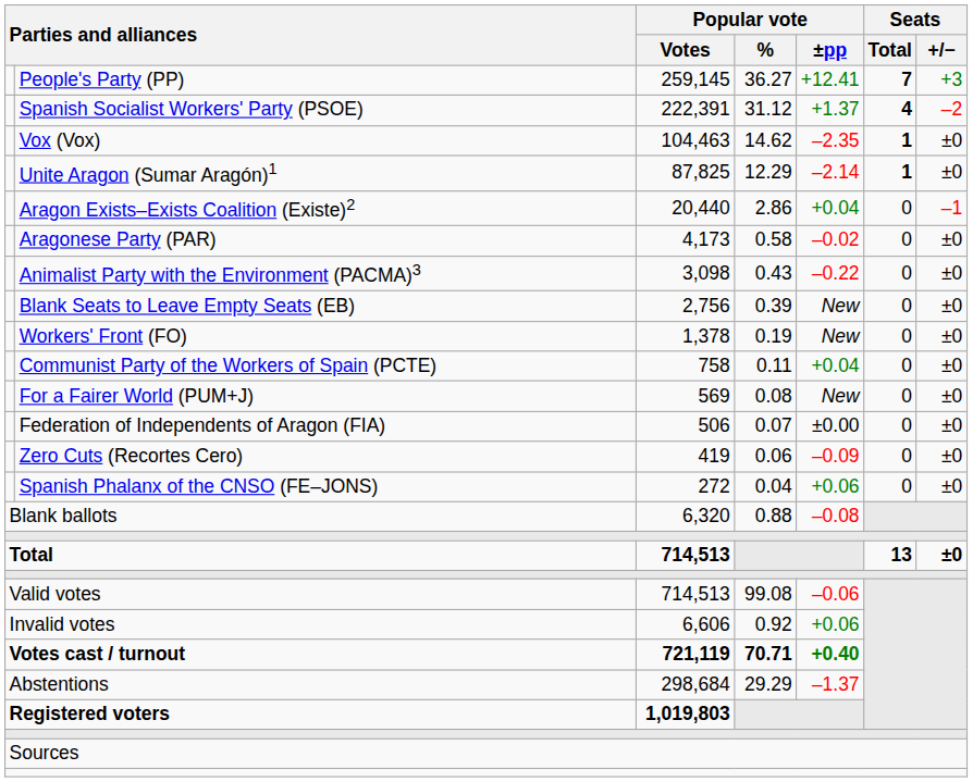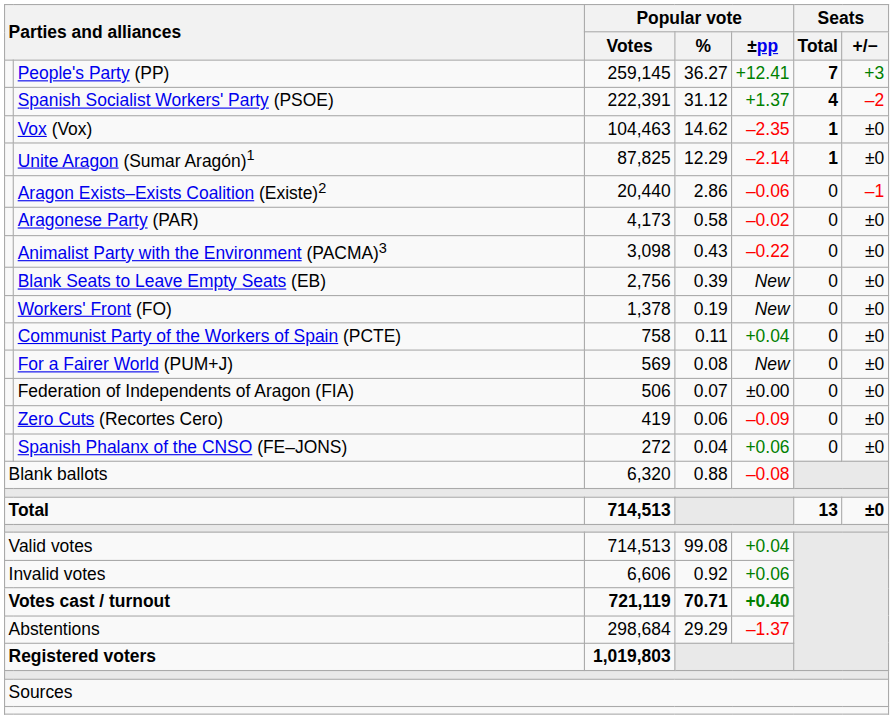 <table class="wikitable" style="text-align:right;">
 <tr>
 <th style="text-align:left;" rowspan="2" colspan="2" width="525">Parties and alliances</th>
 <th colspan="3">Popular vote</th>
 <th colspan="2">Seats</th>
 </tr>
 <tr>
 <th width="75">Votes</th>
 <th width="45">%</th>
 <th width="45">±<a href='#'>pp</a></th>
 <th width="35">Total</th>
 <th width="35">+/−</th>
 </tr>
 <tr>
 <td width="1" style="color:inherit;background:"></td>
 <td align="left"><a href='#'>People's Party</a> (PP)</td>
 <td>259,145</td>
 <td>36.27</td>
 <td style="color:green;">+12.41</td>
 <td><strong>7</strong></td>
 <td style="color:green;">+3</td>
 </tr>
 <tr>
 <td style="color:inherit;background:"></td>
 <td align="left"><a href='#'>Spanish Socialist Workers' Party</a> (PSOE)</td>
 <td>222,391</td>
 <td>31.12</td>
 <td style="color:green;">+1.37</td>
 <td><strong>4</strong></td>
 <td style="color:red;">–2</td>
 </tr>
 <tr>
 <td style="color:inherit;background:"></td>
 <td align="left"><a href='#'>Vox</a> (Vox)</td>
 <td>104,463</td>
 <td>14.62</td>
 <td style="color:red;">–2.35</td>
 <td><strong>1</strong></td>
 <td>±0</td>
 </tr>
 <tr>
 <td style="color:inherit;background:"></td>
 <td align="left"><a href='#'>Unite Aragon</a> (Sumar Aragón)<sup>1</sup></td>
 <td>87,825</td>
 <td>12.29</td>
 <td style="color:red;">–2.14</td>
 <td><strong>1</strong></td>
 <td>±0</td>
 </tr>
 <tr>
 <td style="color:inherit;background:"></td>
 <td align="left"><a href='#'>Aragon Exists–Exists Coalition</a> (Existe)<sup>2</sup></td>
 <td>20,440</td>
 <td>2.86</td>
-<td style="color:green;">+0.04</td>
+<td style="color:red;">–0.06</td>
 <td>0</td>
 <td style="color:red;">–1</td>
 </tr>
 <tr>
 <td style="color:inherit;background:"></td>
 <td align="left"><a href='#'>Aragonese Party</a> (PAR)</td>
 <td>4,173</td>
 <td>0.58</td>
 <td style="color:red;">–0.02</td>
 <td>0</td>
 <td>±0</td>
 </tr>
 <tr>
 <td style="color:inherit;background:"></td>
 <td align="left"><a href='#'>Animalist Party with the Environment</a> (PACMA)<sup>3</sup></td>
 <td>3,098</td>
 <td>0.43</td>
 <td style="color:red;">–0.22</td>
 <td>0</td>
 <td>±0</td>
 </tr>
 <tr>
 <td style="color:inherit;background:"></td>
 <td align="left"><a href='#'>Blank Seats to Leave Empty Seats</a> (EB)</td>
 <td>2,756</td>
 <td>0.39</td>
 <td><em>New</em></td>
 <td>0</td>
 <td>±0</td>
 </tr>
 <tr>
 <td style="color:inherit;background:"></td>
 <td align="left"><a href='#'>Workers' Front</a> (FO)</td>
 <td>1,378</td>
 <td>0.19</td>
 <td><em>New</em></td>
 <td>0</td>
 <td>±0</td>
 </tr>
 <tr>
 <td style="color:inherit;background:"></td>
 <td align="left"><a href='#'>Communist Party of the Workers of Spain</a> (PCTE)</td>
 <td>758</td>
 <td>0.11</td>
 <td style="color:green;">+0.04</td>
 <td>0</td>
 <td>±0</td>
 </tr>
 <tr>
 <td style="color:inherit;background:"></td>
 <td align="left"><a href='#'>For a Fairer World</a> (PUM+J)</td>
 <td>569</td>
 <td>0.08</td>
 <td><em>New</em></td>
 <td>0</td>
 <td>±0</td>
 </tr>
 <tr>
 <td style="color:inherit;background:"></td>
 <td align="left">Federation of Independents of Aragon (FIA)</td>
 <td>506</td>
 <td>0.07</td>
 <td>±0.00</td>
 <td>0</td>
 <td>±0</td>
 </tr>
 <tr>
 <td style="color:inherit;background:"></td>
 <td align="left"><a href='#'>Zero Cuts</a> (Recortes Cero)</td>
 <td>419</td>
 <td>0.06</td>
 <td style="color:red;">–0.09</td>
 <td>0</td>
 <td>±0</td>
 </tr>
 <tr>
 <td style="color:inherit;background:"></td>
 <td align="left"><a href='#'>Spanish Phalanx of the CNSO</a> (FE–JONS)</td>
 <td>272</td>
 <td>0.04</td>
 <td style="color:green;">+0.06</td>
 <td>0</td>
 <td>±0</td>
 </tr>
 <tr>
 <td align="left" colspan="2">Blank ballots</td>
 <td>6,320</td>
 <td>0.88</td>
 <td style="color:red;">–0.08</td>
 <td bgcolor="#E9E9E9" colspan="2"></td>
 </tr>
 <tr>
 <td colspan="7" bgcolor="#E9E9E9"></td>
 </tr>
 <tr style="font-weight:bold;">
 <td align="left" colspan="2">Total</td>
 <td>714,513</td>
 <td bgcolor="#E9E9E9" colspan="2"></td>
 <td>13</td>
 <td>±0</td>
 </tr>
 <tr>
 <td colspan="7" bgcolor="#E9E9E9"></td>
 </tr>
 <tr>
 <td align="left" colspan="2">Valid votes</td>
 <td>714,513</td>
 <td>99.08</td>
-<td style="color:red;">–0.06</td>
+<td style="color:green;">+0.04</td>
 <td bgcolor="#E9E9E9" colspan="2" rowspan="5"></td>
 </tr>
 <tr>
 <td align="left" colspan="2">Invalid votes</td>
 <td>6,606</td>
 <td>0.92</td>
 <td style="color:green;">+0.06</td>
 </tr>
 <tr style="font-weight:bold;">
 <td align="left" colspan="2">Votes cast / turnout</td>
 <td>721,119</td>
 <td>70.71</td>
 <td style="color:green;">+0.40</td>
 </tr>
 <tr>
 <td align="left" colspan="2">Abstentions</td>
 <td>298,684</td>
 <td>29.29</td>
 <td style="color:red;">–1.37</td>
 </tr>
 <tr style="font-weight:bold;">
 <td align="left" colspan="2">Registered voters</td>
 <td>1,019,803</td>
 <td bgcolor="#E9E9E9" colspan="2"></td>
 </tr>
 <tr>
 <td colspan="7" bgcolor="#E9E9E9"></td>
 </tr>
 <tr>
 <td align="left" colspan="7">Sources</td>
 </tr>
 <tr>
 <td colspan="7" style="text-align:left; max-width:790px;"></td>
 </tr>
 </table>
